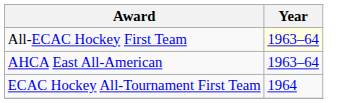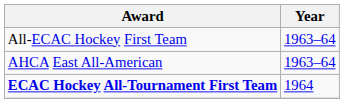 <table class="wikitable">
 <tr>
 <th>Award</th>
 <th>Year</th>
 </tr>
 <tr>
 <td>All-<a href='#'>ECAC Hockey</a> <a href='#'>First Team</a></td>
-<td style="background: lightyellow;"><a href='#'>1963–64</a></td>
+<td><a href='#'>1963–64</a></td>
 </tr>
 <tr>
 <td><a href='#'>AHCA</a> <a href='#'>East All-American</a></td>
 <td><a href='#'>1963–64</a></td>
 </tr>
 <tr>
-<td><a href='#'>ECAC Hockey</a> <a href='#'>All-Tournament First Team</a></td>
+<td><strong><a href='#'>ECAC Hockey</a> <a href='#'>All-Tournament First Team</a></strong></td>
 <td><a href='#'>1964</a></td>
 </tr>
 <tr>
 </tr>
 </table>
